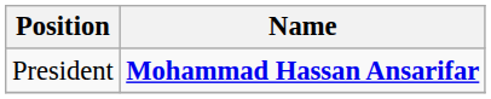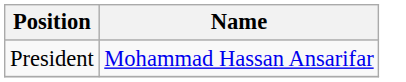 <table class=wikitable>
 <tr>
 <th>Position</th>
 <th>Name</th>
 </tr>
 <tr>
 <td>President</td>
-<td><strong> <a href='#'>Mohammad Hassan Ansarifar</a></strong></td>
+<td> <a href='#'>Mohammad Hassan Ansarifar</a></td>
 </tr>
 <tr>
 </tr>
 </table>
